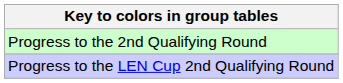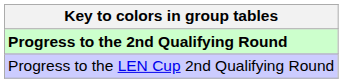 <table class="wikitable" border="1">
 <tr>
 <th>Key to colors in group tables</th>
 </tr>
 <tr style="background:#cfc;">
-<td>Progress to the 2nd Qualifying Round</td>
+<td><strong>Progress to the 2nd Qualifying Round</strong></td>
 </tr>
 <tr style="background:#ccf;">
 <td>Progress to the <a href='#'>LEN Cup</a> 2nd Qualifying Round</td>
 </tr>
 </table>
